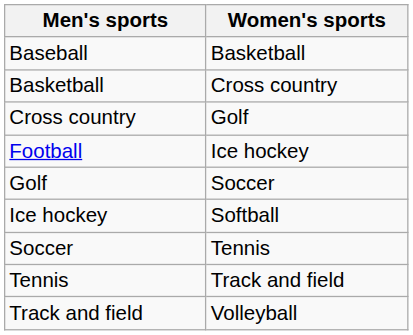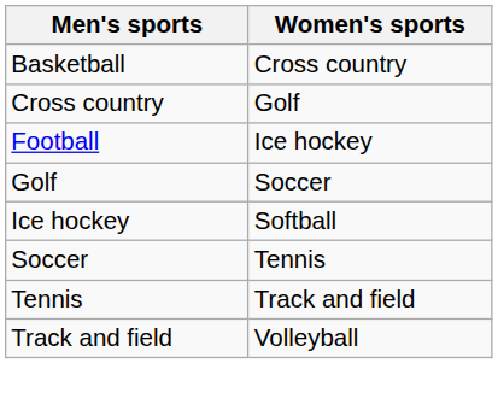 <table class="wikitable"; style= "text-align: ">
 <tr>
 <th width=150px>Men's sports</th>
 <th width=150px>Women's sports</th>
-</tr>
-<tr>
-<td>Baseball</td>
-<td>Basketball</td>
 </tr>
 <tr>
 <td>Basketball</td>
 <td>Cross country</td>
 </tr>
 <tr>
 <td>Cross country</td>
 <td>Golf</td>
 </tr>
 <tr>
 <td><a href='#'>Football</a></td>
 <td>Ice hockey</td>
 </tr>
 <tr>
 <td>Golf</td>
 <td>Soccer</td>
 </tr>
 <tr>
 <td>Ice hockey</td>
 <td>Softball</td>
 </tr>
 <tr>
 <td>Soccer</td>
 <td>Tennis</td>
 </tr>
 <tr>
 <td>Tennis</td>
 <td>Track and field</td>
 </tr>
 <tr>
 <td>Track and field</td>
 <td>Volleyball</td>
 </tr>
 </table>
